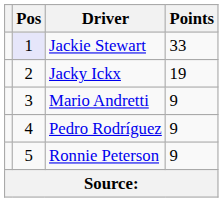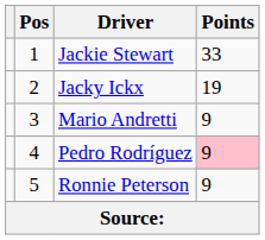 <table class="wikitable" style="font-size: 95%;">
 <tr>
 <th></th>
 <th>Pos</th>
 <th>Driver</th>
 <th>Points</th>
 </tr>
 <tr>
 <td align="left"></td>
-<td align="center" style="background: lavender;">1</td>
+<td align="center">1</td>
 <td> <a href='#'>Jackie Stewart</a></td>
 <td align="left">33</td>
 </tr>
 <tr>
 <td align="left"></td>
 <td align="center">2</td>
 <td> <a href='#'>Jacky Ickx</a></td>
 <td align="left">19</td>
 </tr>
 <tr>
 <td align="left"></td>
 <td align="center">3</td>
 <td> <a href='#'>Mario Andretti</a></td>
 <td align="left">9</td>
 </tr>
 <tr>
 <td align="left"></td>
 <td align="center">4</td>
 <td> <a href='#'>Pedro Rodríguez</a></td>
-<td align="left">9</td>
+<td align="left" style="background: pink;">9</td>
 </tr>
 <tr>
 <td align="left"></td>
 <td align="center">5</td>
 <td> <a href='#'>Ronnie Peterson</a></td>
 <td align="left">9</td>
 </tr>
 <tr>
 <th colspan=4>Source:</th>
 </tr>
 </table>
